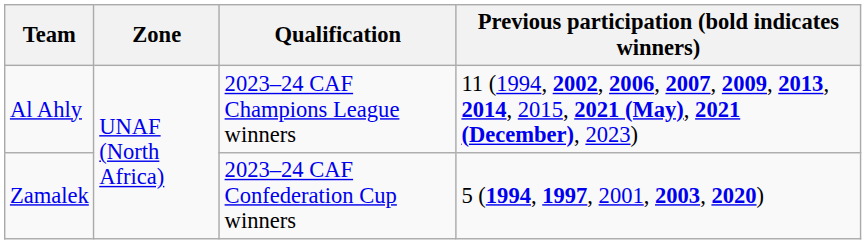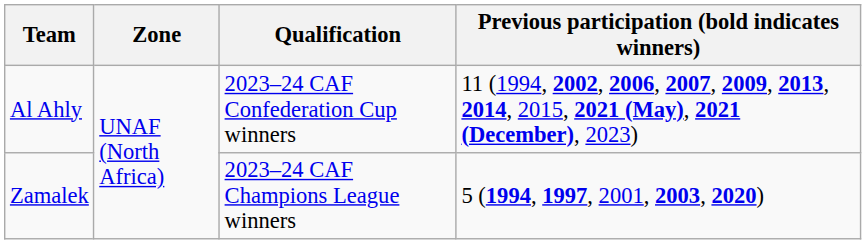 <table class="wikitable">
 <tr>
 <th>Team</th>
 <th>Zone</th>
 <th>Qualification</th>
 <th>Previous participation (bold indicates winners)</th>
 </tr>
 <tr>
 <td> <a href='#'>Al Ahly</a></td>
 <td rowspan=2><a href='#'>UNAF (North Africa)</a></td>
-<td><a href='#'>2023–24 CAF Champions League</a> winners</td>
+<td><a href='#'>2023–24 CAF Confederation Cup</a> winners</td>
 <td>11 (<a href='#'>1994</a>, <strong><a href='#'>2002</a></strong>, <strong><a href='#'>2006</a></strong>, <strong><a href='#'>2007</a></strong>, <strong><a href='#'>2009</a></strong>, <strong><a href='#'>2013</a></strong>, <strong><a href='#'>2014</a></strong>, <a href='#'>2015</a>, <strong><a href='#'>2021 (May)</a></strong>, <strong><a href='#'>2021 (December)</a></strong>, <a href='#'>2023</a>)</td>
 </tr>
 <tr>
 <td> <a href='#'>Zamalek</a></td>
-<td><a href='#'>2023–24 CAF Confederation Cup</a> winners</td>
+<td><a href='#'>2023–24 CAF Champions League</a> winners</td>
 <td>5 (<strong><a href='#'>1994</a></strong>, <strong><a href='#'>1997</a></strong>, <a href='#'>2001</a>, <strong><a href='#'>2003</a></strong>, <strong><a href='#'>2020</a></strong>)</td>
 </tr>
 </table>
